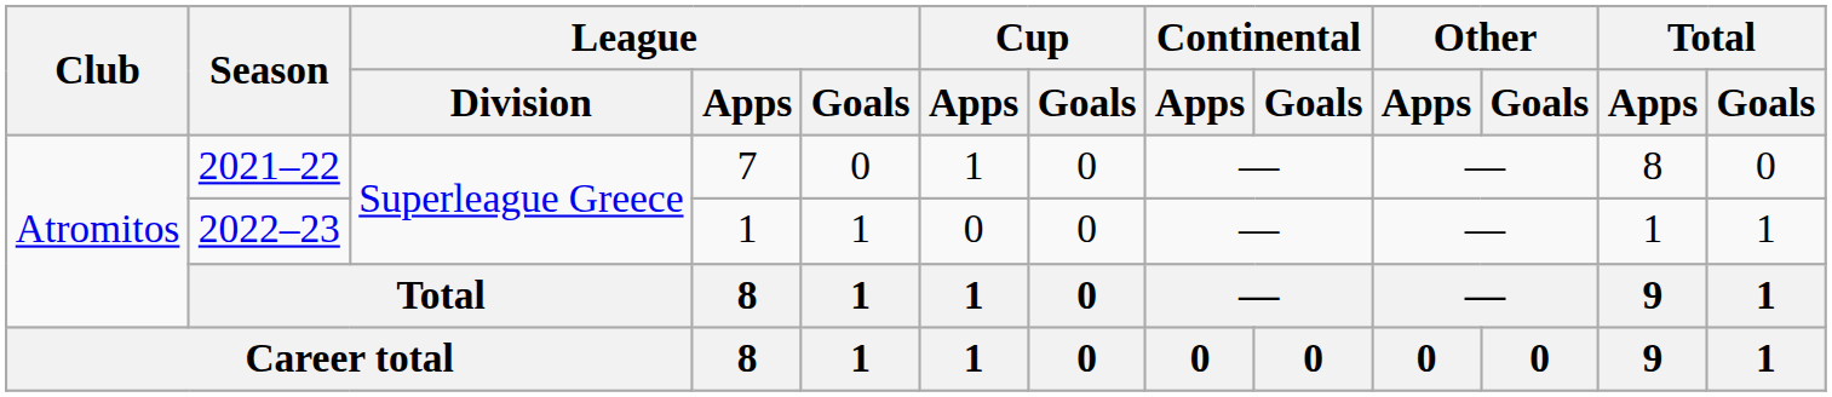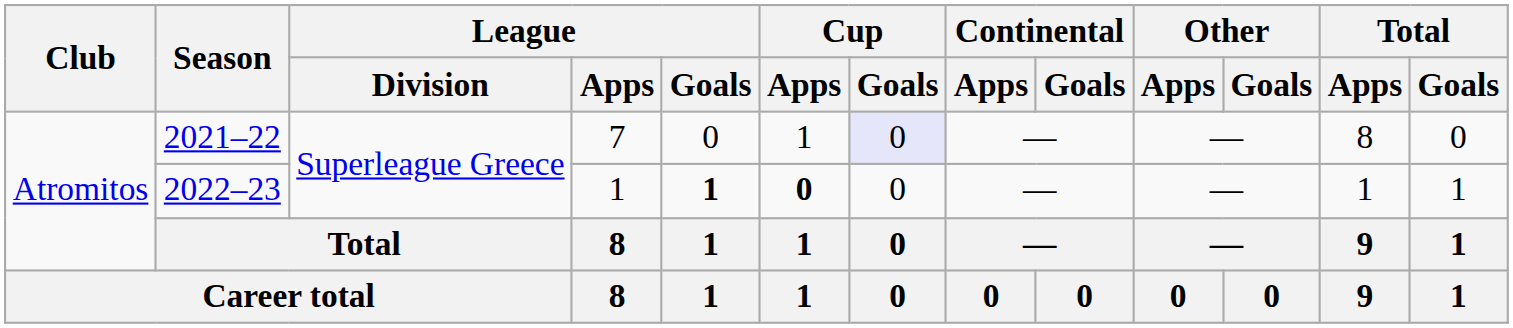 <table class="wikitable" style="text-align:center">
 <tr>
 <th rowspan=2>Club</th>
 <th rowspan=2>Season</th>
 <th colspan=3>League</th>
 <th colspan=2>Cup</th>
 <th colspan=2>Continental</th>
 <th colspan=2>Other</th>
 <th colspan=2>Total</th>
 </tr>
 <tr>
 <th>Division</th>
 <th>Apps</th>
 <th>Goals</th>
 <th>Apps</th>
 <th>Goals</th>
 <th>Apps</th>
 <th>Goals</th>
 <th>Apps</th>
 <th>Goals</th>
 <th>Apps</th>
 <th>Goals</th>
 </tr>
 <tr>
 <td rowspan="3"><a href='#'>Atromitos</a></td>
 <td><a href='#'>2021–22</a></td>
 <td rowspan="2"><a href='#'>Superleague Greece</a></td>
 <td>7</td>
 <td>0</td>
 <td>1</td>
-<td>0</td>
+<td style="background: lavender;">0</td>
 <td colspan="2">—</td>
 <td colspan="2">—</td>
 <td>8</td>
 <td>0</td>
 </tr>
 <tr>
 <td><a href='#'>2022–23</a></td>
 <td>1</td>
-<td>1</td>
-<td>0</td>
+<td><strong>1</strong></td>
+<td><strong>0</strong></td>
 <td>0</td>
 <td colspan="2">—</td>
 <td colspan="2">—</td>
 <td>1</td>
 <td>1</td>
 </tr>
 <tr>
 <th colspan="2">Total</th>
 <th>8</th>
 <th>1</th>
 <th>1</th>
 <th>0</th>
 <th colspan="2">—</th>
 <th colspan="2">—</th>
 <th>9</th>
 <th>1</th>
 </tr>
 <tr>
 <th colspan="3">Career total</th>
 <th>8</th>
 <th>1</th>
 <th>1</th>
 <th>0</th>
 <th>0</th>
 <th>0</th>
 <th>0</th>
 <th>0</th>
 <th>9</th>
 <th>1</th>
 </tr>
 </table>
